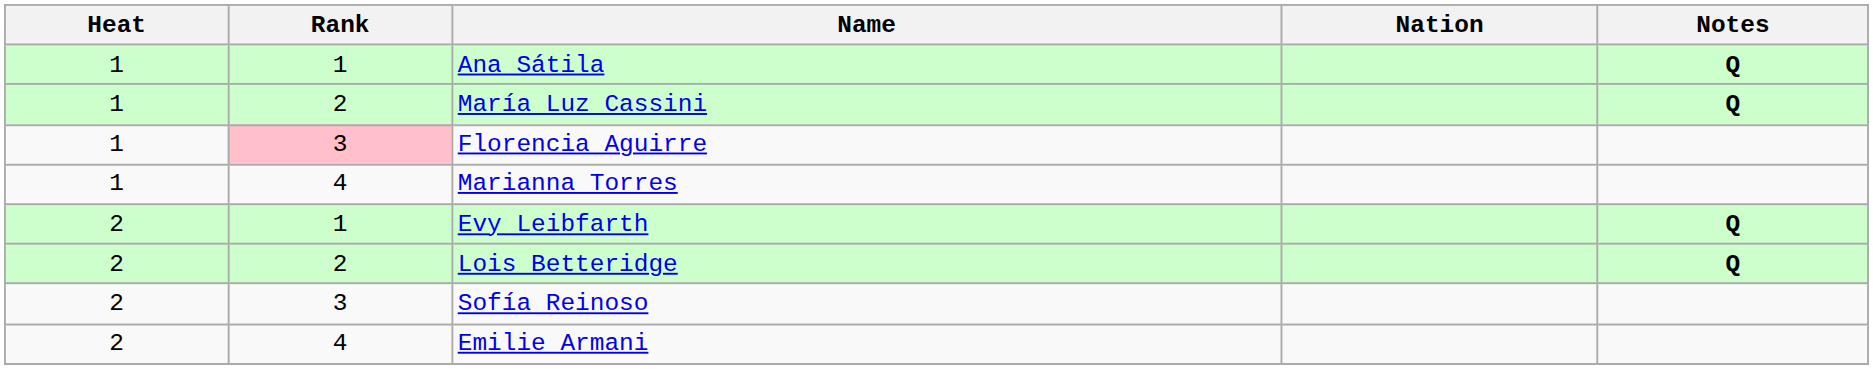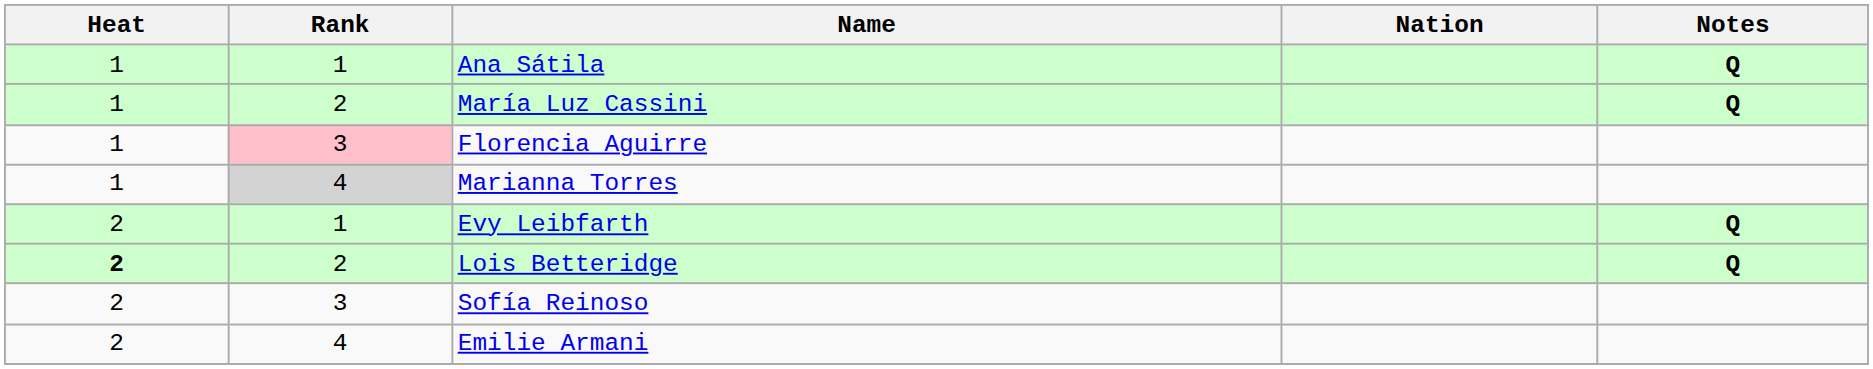 <table class="wikitable sortable" style="text-align:center" width=50%>
 <tr>
 <th>Heat</th>
 <th>Rank</th>
 <th>Name</th>
 <th>Nation</th>
 <th>Notes</th>
 </tr>
 <tr bgcolor=ccffcc>
 <td>1</td>
 <td>1</td>
 <td align=left><a href='#'>Ana Sátila</a></td>
 <td align=left></td>
 <td><strong>Q</strong></td>
 </tr>
 <tr bgcolor=ccffcc>
 <td>1</td>
 <td>2</td>
 <td align=left><a href='#'>María Luz Cassini</a></td>
 <td align=left></td>
 <td><strong>Q</strong></td>
 </tr>
 <tr>
 <td>1</td>
 <td style="background: pink;">3</td>
 <td align=left><a href='#'>Florencia Aguirre</a></td>
 <td align=left></td>
 <td></td>
 </tr>
 <tr>
 <td>1</td>
-<td>4</td>
+<td style="background: lightgrey;">4</td>
 <td align=left><a href='#'>Marianna Torres</a></td>
 <td align=left></td>
 <td></td>
 </tr>
 <tr bgcolor=ccffcc>
 <td>2</td>
 <td>1</td>
 <td align=left><a href='#'>Evy Leibfarth</a></td>
 <td align=left></td>
 <td><strong>Q</strong></td>
 </tr>
 <tr bgcolor=ccffcc>
-<td>2</td>
+<td><strong>2</strong></td>
 <td>2</td>
 <td align=left><a href='#'>Lois Betteridge</a></td>
 <td align=left></td>
 <td><strong>Q</strong></td>
 </tr>
 <tr>
 <td>2</td>
 <td>3</td>
 <td align=left><a href='#'>Sofía Reinoso</a></td>
 <td align=left></td>
 <td></td>
 </tr>
 <tr>
 <td>2</td>
 <td>4</td>
 <td align=left><a href='#'>Emilie Armani</a></td>
 <td align=left></td>
 <td></td>
 </tr>
 <tr>
 </tr>
 </table>
